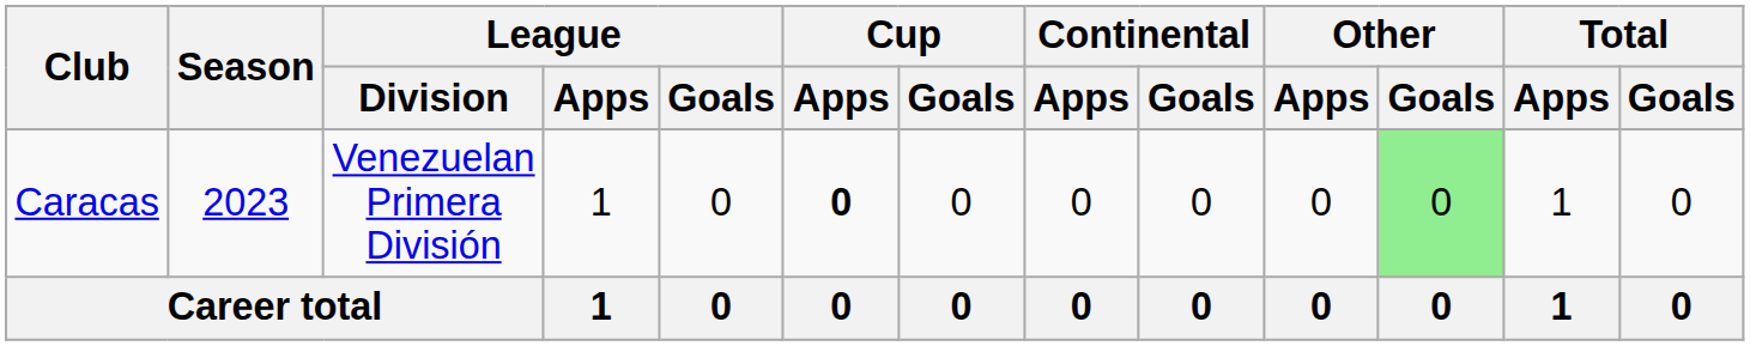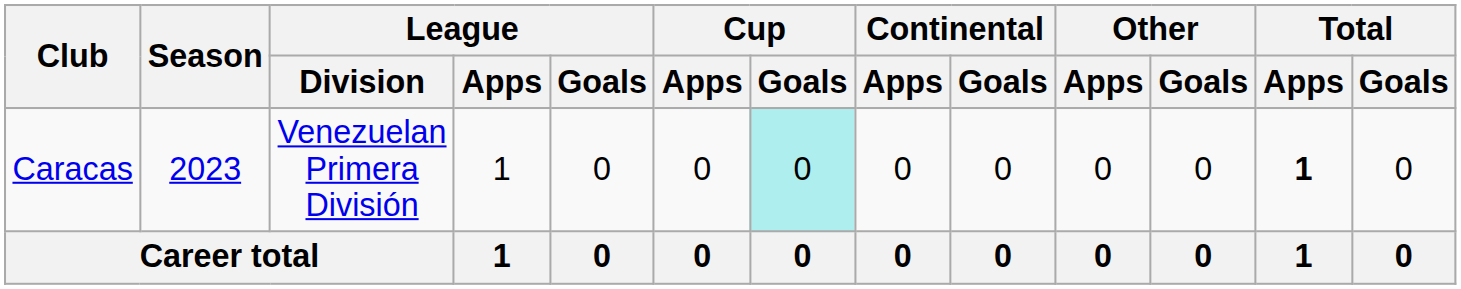 <table class="wikitable" style="text-align:center">
 <tr>
 <th rowspan=2>Club</th>
 <th rowspan=2>Season</th>
 <th colspan=3>League</th>
 <th colspan=2>Cup</th>
 <th colspan=2>Continental</th>
 <th colspan=2>Other</th>
 <th colspan=2>Total</th>
 </tr>
 <tr>
 <th>Division</th>
 <th>Apps</th>
 <th>Goals</th>
 <th>Apps</th>
 <th>Goals</th>
 <th>Apps</th>
 <th>Goals</th>
 <th>Apps</th>
 <th>Goals</th>
 <th>Apps</th>
 <th>Goals</th>
 </tr>
 <tr>
 <td><a href='#'>Caracas</a></td>
 <td><a href='#'>2023</a></td>
 <td><a href='#'>Venezuelan Primera División</a></td>
 <td>1</td>
 <td>0</td>
-<td><strong>0</strong></td>
+<td>0</td>
+<td style="background: paleturquoise;">0</td>
 <td>0</td>
 <td>0</td>
 <td>0</td>
 <td>0</td>
-<td style="background: lightgreen;">0</td>
-<td>1</td>
+<td><strong>1</strong></td>
 <td>0</td>
 </tr>
 <tr>
 <th colspan="3"><strong>Career total</strong></th>
 <th>1</th>
 <th>0</th>
 <th>0</th>
 <th>0</th>
 <th>0</th>
 <th>0</th>
 <th>0</th>
 <th>0</th>
 <th>1</th>
 <th>0</th>
 </tr>
 </table>
